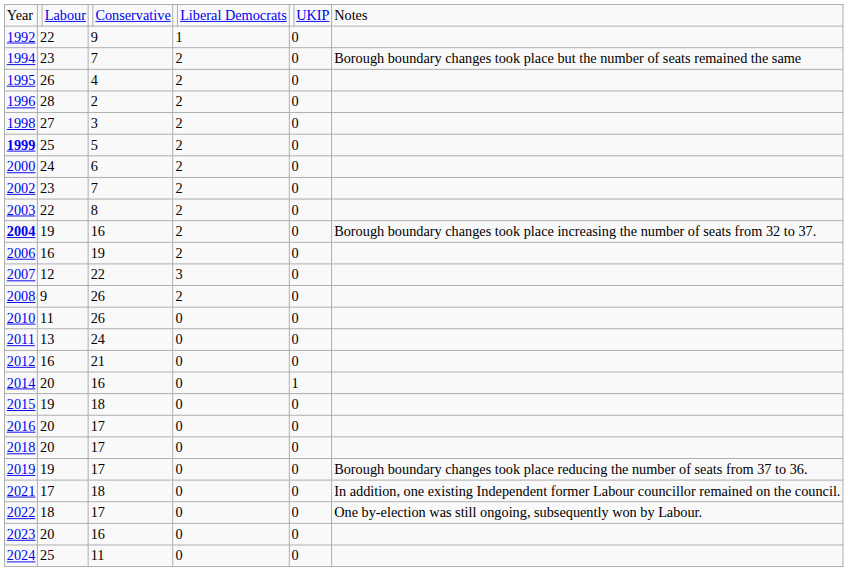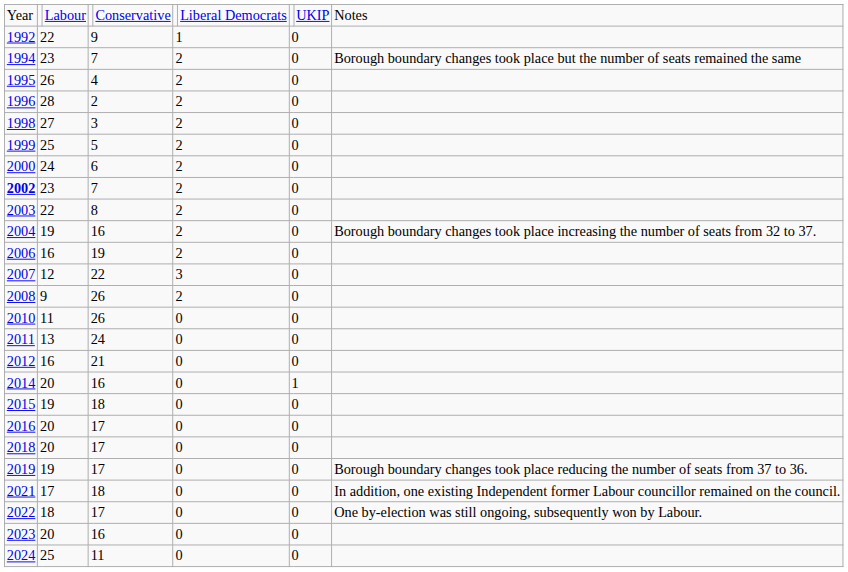 <table border=1 cellpadding=2 cellspacing=0 style="margin: 1em 1em 1em 1em 0; background: #f9f9f9; border: 1px #aaa solid; border-collapse: collapse; font-size: 95%; clear:both">
 <tr>
 <td>Year</td>
 <th style="background-color: "></th>
 <td><a href='#'>Labour</a></td>
 <th style="background-color: "></th>
 <td><a href='#'>Conservative</a></td>
 <th style="background-color: "></th>
 <td><a href='#'>Liberal Democrats</a></td>
 <th style="background-color: "></th>
 <td><a href='#'>UKIP</a></td>
 <td>Notes</td>
 </tr>
 <tr>
 <td><a href='#'>1992</a></td>
 <td colspan="2">22</td>
 <td colspan="2">9</td>
 <td colspan="2">1</td>
 <td colspan="2">0</td>
 <td></td>
 </tr>
 <tr>
 <td><a href='#'>1994</a></td>
 <td colspan="2">23</td>
 <td colspan="2">7</td>
 <td colspan="2">2</td>
 <td colspan="2">0</td>
 <td>Borough boundary changes took place but the number of seats remained the same</td>
 </tr>
 <tr>
 <td><a href='#'>1995</a></td>
 <td colspan="2">26</td>
 <td colspan="2">4</td>
 <td colspan="2">2</td>
 <td colspan="2">0</td>
 <td></td>
 </tr>
 <tr>
 <td><a href='#'>1996</a></td>
 <td colspan="2">28</td>
 <td colspan="2">2</td>
 <td colspan="2">2</td>
 <td colspan="2">0</td>
 <td></td>
 </tr>
 <tr>
 <td><a href='#'>1998</a></td>
 <td colspan="2">27</td>
 <td colspan="2">3</td>
 <td colspan="2">2</td>
 <td colspan="2">0</td>
 <td></td>
 </tr>
 <tr>
-<td><strong><a href='#'>1999</a></strong></td>
+<td><a href='#'>1999</a></td>
 <td colspan="2">25</td>
 <td colspan="2">5</td>
 <td colspan="2">2</td>
 <td colspan="2">0</td>
 <td></td>
 </tr>
 <tr>
 <td><a href='#'>2000</a></td>
 <td colspan="2">24</td>
 <td colspan="2">6</td>
 <td colspan="2">2</td>
 <td colspan="2">0</td>
 <td></td>
 </tr>
 <tr>
-<td><a href='#'>2002</a></td>
+<td><strong><a href='#'>2002</a></strong></td>
 <td colspan="2">23</td>
 <td colspan="2">7</td>
 <td colspan="2">2</td>
 <td colspan="2">0</td>
 <td></td>
 </tr>
 <tr>
 <td><a href='#'>2003</a></td>
 <td colspan="2">22</td>
 <td colspan="2">8</td>
 <td colspan="2">2</td>
 <td colspan="2">0</td>
 <td></td>
 </tr>
 <tr>
-<td><strong><a href='#'>2004</a></strong></td>
+<td><a href='#'>2004</a></td>
 <td colspan="2">19</td>
 <td colspan="2">16</td>
 <td colspan="2">2</td>
 <td colspan="2">0</td>
 <td>Borough boundary changes took place increasing the number of seats from 32 to 37.</td>
 </tr>
 <tr>
 <td><a href='#'>2006</a></td>
 <td colspan="2">16</td>
 <td colspan="2">19</td>
 <td colspan="2">2</td>
 <td colspan="2">0</td>
 <td></td>
 </tr>
 <tr>
 <td><a href='#'>2007</a></td>
 <td colspan="2">12</td>
 <td colspan="2">22</td>
 <td colspan="2">3</td>
 <td colspan="2">0</td>
 <td></td>
 </tr>
 <tr>
 <td><a href='#'>2008</a></td>
 <td colspan="2">9</td>
 <td colspan="2">26</td>
 <td colspan="2">2</td>
 <td colspan="2">0</td>
 <td></td>
 </tr>
 <tr>
 <td><a href='#'>2010</a></td>
 <td colspan="2">11</td>
 <td colspan="2">26</td>
 <td colspan="2">0</td>
 <td colspan="2">0</td>
 <td></td>
 </tr>
 <tr>
 <td><a href='#'>2011</a></td>
 <td colspan="2">13</td>
 <td colspan="2">24</td>
 <td colspan="2">0</td>
 <td colspan="2">0</td>
 <td></td>
 </tr>
 <tr>
 <td><a href='#'>2012</a></td>
 <td colspan="2">16</td>
 <td colspan="2">21</td>
 <td colspan="2">0</td>
 <td colspan="2">0</td>
 <td></td>
 </tr>
 <tr>
 <td><a href='#'>2014</a></td>
 <td colspan="2">20</td>
 <td colspan="2">16</td>
 <td colspan="2">0</td>
 <td colspan="2">1</td>
 <td></td>
 </tr>
 <tr>
 <td><a href='#'>2015</a></td>
 <td colspan="2">19</td>
 <td colspan="2">18</td>
 <td colspan="2">0</td>
 <td colspan="2">0</td>
 <td></td>
 </tr>
 <tr>
 <td><a href='#'>2016</a></td>
 <td colspan="2">20</td>
 <td colspan="2">17</td>
 <td colspan="2">0</td>
 <td colspan="2">0</td>
 <td></td>
 </tr>
 <tr>
 <td><a href='#'>2018</a></td>
 <td colspan="2">20</td>
 <td colspan="2">17</td>
 <td colspan="2">0</td>
 <td colspan="2">0</td>
 <td></td>
 </tr>
 <tr>
 <td><a href='#'>2019</a></td>
 <td colspan="2">19</td>
 <td colspan="2">17</td>
 <td colspan="2">0</td>
 <td colspan="2">0</td>
 <td>Borough boundary changes took place reducing the number of seats from 37 to 36.</td>
 </tr>
 <tr>
 <td><a href='#'>2021</a></td>
 <td colspan="2">17</td>
 <td colspan="2">18</td>
 <td colspan="2">0</td>
 <td colspan="2">0</td>
 <td>In addition, one existing Independent former Labour councillor remained on the council.</td>
 </tr>
 <tr>
 <td><a href='#'>2022</a></td>
 <td colspan="2">18</td>
 <td colspan="2">17</td>
 <td colspan="2">0</td>
 <td colspan="2">0</td>
 <td>One by-election was still ongoing, subsequently won by Labour.</td>
 </tr>
 <tr>
 <td><a href='#'>2023</a></td>
 <td colspan="2">20</td>
 <td colspan="2">16</td>
 <td colspan="2">0</td>
 <td colspan="2">0</td>
 <td></td>
 </tr>
 <tr>
 <td><a href='#'>2024</a></td>
 <td colspan="2">25</td>
 <td colspan="2">11</td>
 <td colspan="2">0</td>
 <td colspan="2">0</td>
 <td></td>
 </tr>
 </table>
